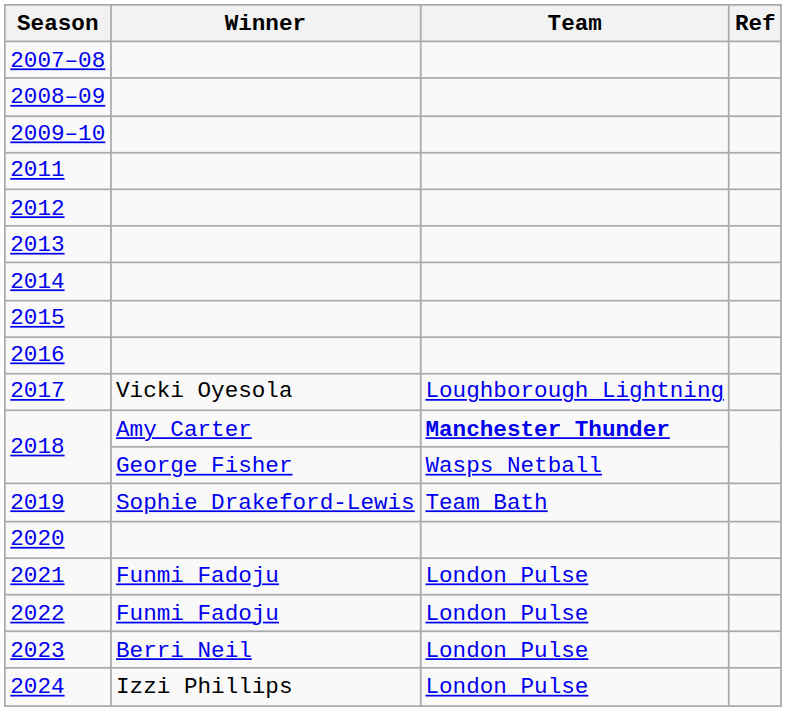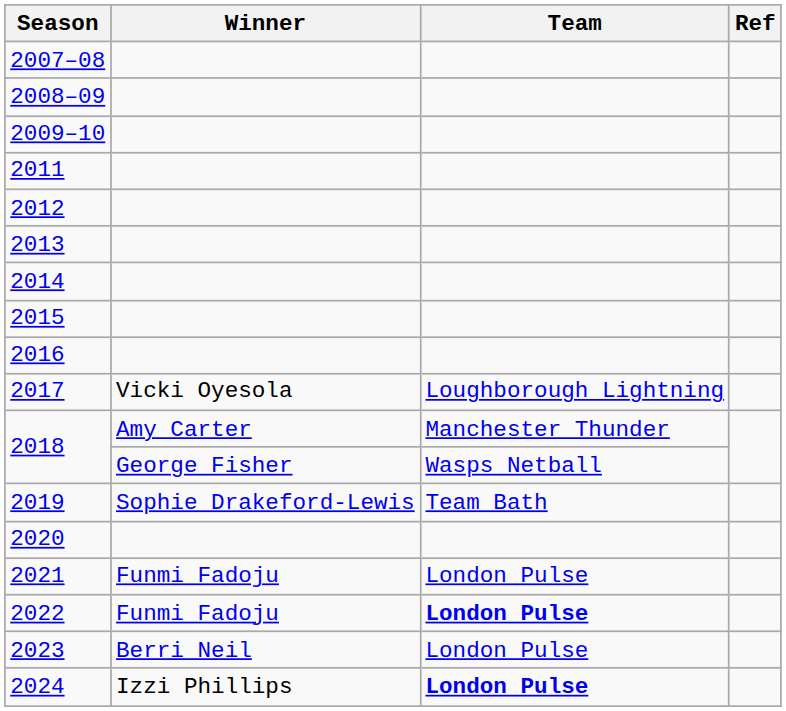 <table class="wikitable collapsible">
 <tr>
 <th>Season</th>
 <th>Winner</th>
 <th>Team</th>
 <th>Ref</th>
 </tr>
 <tr>
 <td><a href='#'>2007–08</a></td>
 <td></td>
 <td></td>
 <td></td>
 </tr>
 <tr>
 <td><a href='#'>2008–09</a></td>
 <td></td>
 <td></td>
 <td></td>
 </tr>
 <tr>
 <td><a href='#'>2009–10</a></td>
 <td></td>
 <td></td>
 <td></td>
 </tr>
 <tr>
 <td><a href='#'>2011</a></td>
 <td></td>
 <td></td>
 <td></td>
 </tr>
 <tr>
 <td><a href='#'>2012</a></td>
 <td></td>
 <td></td>
 <td></td>
 </tr>
 <tr>
 <td><a href='#'>2013</a></td>
 <td></td>
 <td></td>
 <td></td>
 </tr>
 <tr>
 <td><a href='#'>2014</a></td>
 <td></td>
 <td></td>
 <td></td>
 </tr>
 <tr>
 <td><a href='#'>2015</a></td>
 <td></td>
 <td></td>
 <td></td>
 </tr>
 <tr>
 <td><a href='#'>2016</a></td>
 <td></td>
 <td></td>
 <td></td>
 </tr>
 <tr>
 <td><a href='#'>2017</a></td>
 <td> Vicki Oyesola</td>
 <td><a href='#'>Loughborough Lightning</a></td>
 <td></td>
 </tr>
 <tr>
 <td rowspan="2"><a href='#'>2018</a></td>
 <td> <a href='#'>Amy Carter</a></td>
-<td><strong><a href='#'>Manchester Thunder</a></strong></td>
+<td><a href='#'>Manchester Thunder</a></td>
 <td rowspan="2"></td>
 </tr>
 <tr>
 <td> <a href='#'>George Fisher</a></td>
 <td><a href='#'>Wasps Netball</a></td>
 </tr>
 <tr>
 <td><a href='#'>2019</a></td>
 <td> <a href='#'>Sophie Drakeford-Lewis</a></td>
 <td><a href='#'>Team Bath</a></td>
 <td></td>
 </tr>
 <tr>
 <td><a href='#'>2020</a></td>
 <td></td>
 <td></td>
 <td></td>
 </tr>
 <tr>
 <td><a href='#'>2021</a></td>
 <td> <a href='#'>Funmi Fadoju</a></td>
 <td><a href='#'>London Pulse</a></td>
 <td></td>
 </tr>
 <tr>
 <td><a href='#'>2022</a></td>
 <td> <a href='#'>Funmi Fadoju</a></td>
-<td><a href='#'>London Pulse</a></td>
+<td><strong><a href='#'>London Pulse</a></strong></td>
 <td></td>
 </tr>
 <tr>
 <td><a href='#'>2023</a></td>
 <td> <a href='#'>Berri Neil</a></td>
 <td><a href='#'>London Pulse</a></td>
 <td></td>
 </tr>
 <tr>
 <td><a href='#'>2024</a></td>
 <td> Izzi Phillips</td>
-<td><a href='#'>London Pulse</a></td>
+<td><strong><a href='#'>London Pulse</a></strong></td>
 <td></td>
 </tr>
 </table>
